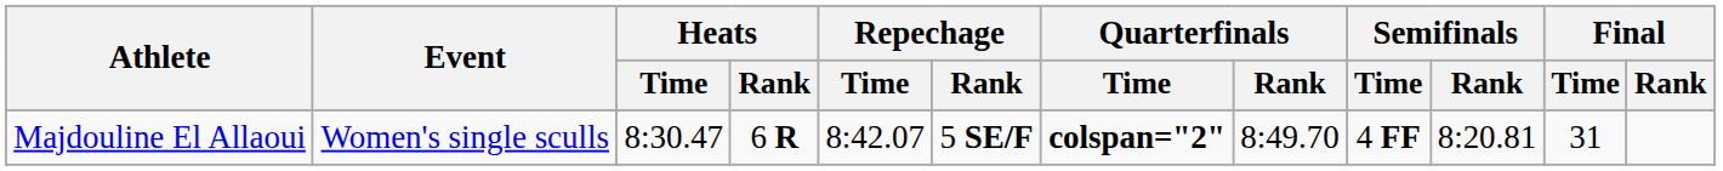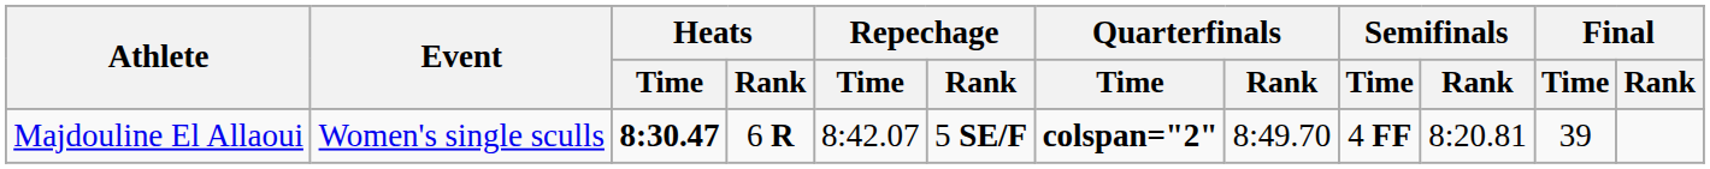 <table class=wikitable style=font-size:90%;text-align:center>
 <tr>
 <th rowspan=2>Athlete</th>
 <th rowspan=2>Event</th>
 <th colspan=2>Heats</th>
 <th colspan=2>Repechage</th>
 <th colspan=2>Quarterfinals</th>
 <th colspan=2>Semifinals</th>
 <th colspan=2>Final</th>
 </tr>
 <tr style=font-size:95%>
 <th>Time</th>
 <th>Rank</th>
 <th>Time</th>
 <th>Rank</th>
 <th>Time</th>
 <th>Rank</th>
 <th>Time</th>
 <th>Rank</th>
 <th>Time</th>
 <th>Rank</th>
 </tr>
 <tr>
 <td align=left><a href='#'>Majdouline El Allaoui</a></td>
 <td align=left><a href='#'>Women's single sculls</a></td>
-<td>8:30.47</td>
+<td><strong>8:30.47</strong></td>
 <td>6 <strong>R</strong></td>
 <td>8:42.07</td>
 <td>5 <strong>SE/F</strong></td>
 <td><strong>colspan="2" </strong></td>
 <td>8:49.70</td>
 <td>4 <strong>FF</strong></td>
 <td>8:20.81</td>
-<td>31</td>
+<td>39</td>
 </tr>
 </table>
